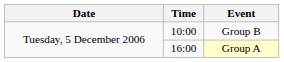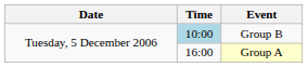 <table class = "wikitable" style="text-align:center;">
 <tr>
 <th width=220>Date</th>
 <th width=50>Time</th>
 <th width=100>Event</th>
 </tr>
 <tr>
 <td rowspan=2>Tuesday, 5 December 2006</td>
-<td>10:00</td>
+<td style="background: lightblue;">10:00</td>
 <td>Group B</td>
 </tr>
 <tr>
 <td>16:00</td>
 <td bgcolor=ffffcc>Group A</td>
 </tr>
 </table>
